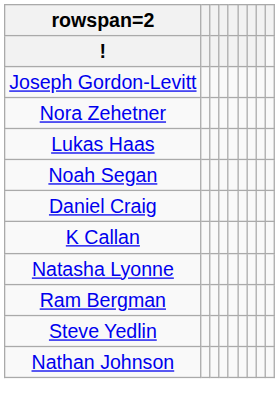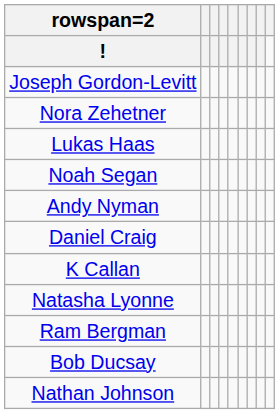 <table class="wikitable" style="text-align:center;font-size:95%;vertical-align:bottom;">
 <tr>
 <th>rowspan=2 </th>
 <th></th>
 <th></th>
 <th></th>
 <th></th>
 <th></th>
 <th></th>
 <th></th>
 <th></th>
 </tr>
 <tr>
 <th>! </th>
 <th></th>
 <th></th>
 <th></th>
 <th></th>
 <th></th>
 <th></th>
 <th></th>
 </tr>
 <tr>
 <td><a href='#'>Joseph Gordon-Levitt</a></td>
 <td></td>
 <td></td>
 <td></td>
 <td></td>
 <td></td>
 <td></td>
 <td></td>
 <td></td>
 </tr>
 <tr>
 <td><a href='#'>Nora Zehetner</a></td>
 <td></td>
 <td></td>
 <td></td>
 <td></td>
 <td></td>
 <td></td>
 <td></td>
 <td></td>
 </tr>
 <tr>
 <td><a href='#'>Lukas Haas</a></td>
 <td></td>
 <td></td>
 <td></td>
 <td></td>
 <td></td>
 <td></td>
 <td></td>
 <td></td>
 </tr>
 <tr>
 <td><a href='#'>Noah Segan</a></td>
 <td></td>
 <td></td>
 <td></td>
 <td></td>
 <td></td>
 <td></td>
 <td></td>
 <td></td>
 </tr>
 <tr>
+<td><a href='#'>Andy Nyman</a></td>
+<td></td>
+<td></td>
+<td></td>
+<td></td>
+<td></td>
+<td></td>
+<td></td>
+<td></td>
+</tr>
+<tr>
 <td><a href='#'>Daniel Craig</a></td>
 <td></td>
 <td></td>
 <td></td>
 <td></td>
 <td></td>
 <td></td>
 <td></td>
 <td></td>
 </tr>
 <tr>
 <td><a href='#'>K Callan</a></td>
 <td></td>
 <td></td>
 <td></td>
 <td></td>
 <td></td>
 <td></td>
 <td></td>
 <td></td>
 </tr>
 <tr>
 <td><a href='#'>Natasha Lyonne</a></td>
 <td></td>
 <td></td>
 <td></td>
 <td></td>
 <td></td>
 <td></td>
 <td></td>
 <td></td>
 </tr>
 <tr>
 <td><a href='#'>Ram Bergman</a><br></td>
 <td></td>
 <td></td>
 <td></td>
 <td></td>
 <td></td>
 <td></td>
 <td></td>
 <td></td>
 </tr>
 <tr>
-<td><a href='#'>Steve Yedlin</a><br></td>
+<td><a href='#'>Bob Ducsay</a><br></td>
 <td></td>
 <td></td>
 <td></td>
 <td></td>
 <td></td>
 <td></td>
 <td></td>
 <td></td>
 </tr>
 <tr>
 <td><a href='#'>Nathan Johnson</a><br></td>
 <td></td>
 <td></td>
 <td></td>
 <td></td>
 <td></td>
 <td></td>
 <td></td>
 <td></td>
 </tr>
 </table>
